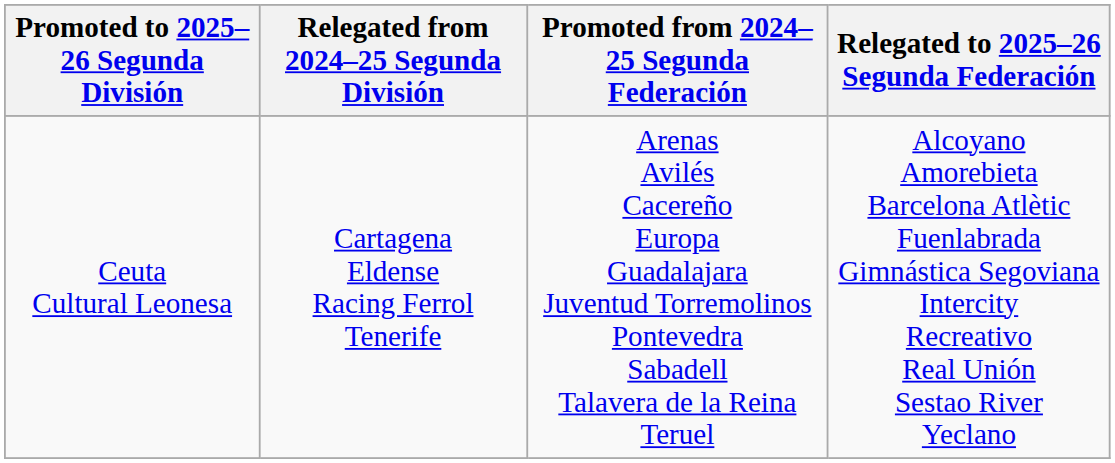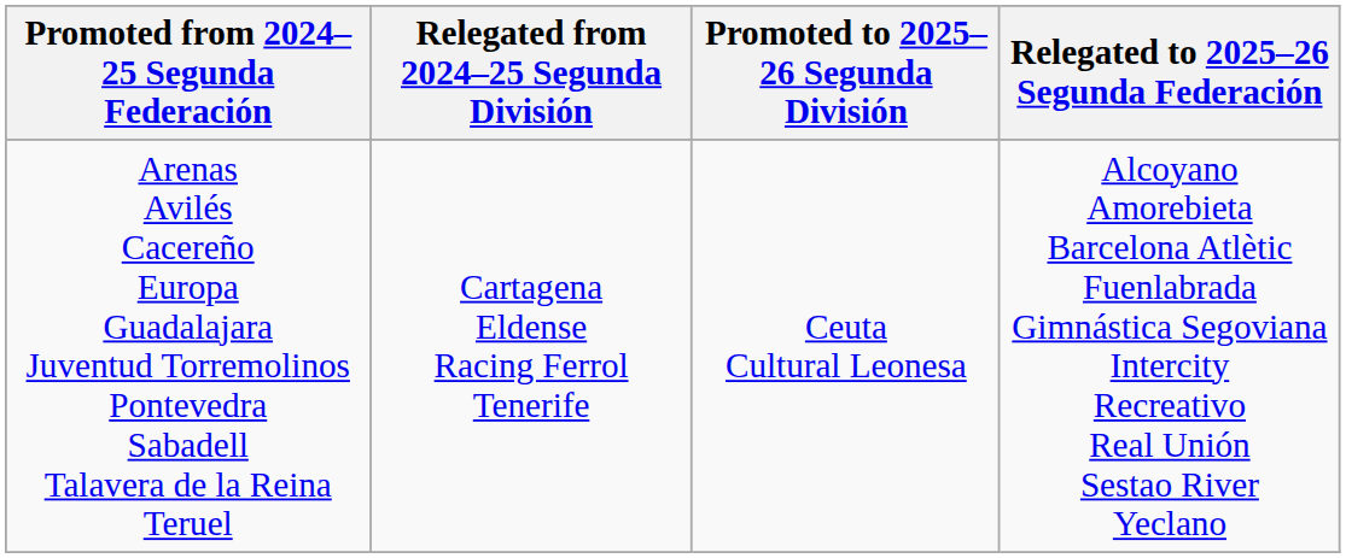 <table class="wikitable" style="text-align:center;">
 <tr>
+<th>Promoted from <a href='#'>2024–25 Segunda Federación</a></th>
+<th>Relegated from <a href='#'>2024–25 Segunda División</a></th>
 <th>Promoted to <a href='#'>2025–26 Segunda División</a></th>
-<th>Relegated from <a href='#'>2024–25 Segunda División</a></th>
-<th>Promoted from <a href='#'>2024–25 Segunda Federación</a></th>
 <th>Relegated to <a href='#'>2025–26 Segunda Federación</a></th>
 </tr>
 <tr>
+<td><a href='#'>Arenas</a>  <br> <a href='#'>Avilés</a> <br> <a href='#'>Cacereño</a> <br> <a href='#'>Europa</a><br> <a href='#'>Guadalajara</a> <br> <a href='#'>Juventud Torremolinos</a><br> <a href='#'>Pontevedra</a> <br> <a href='#'>Sabadell</a> <br> <a href='#'>Talavera de la Reina</a> <br> <a href='#'>Teruel</a></td>
+<td><a href='#'>Cartagena</a> <br> <a href='#'>Eldense</a> <br> <a href='#'>Racing Ferrol</a> <br> <a href='#'>Tenerife</a></td>
 <td><a href='#'>Ceuta</a> <br> <a href='#'>Cultural Leonesa</a></td>
-<td><a href='#'>Cartagena</a> <br> <a href='#'>Eldense</a> <br> <a href='#'>Racing Ferrol</a> <br> <a href='#'>Tenerife</a></td>
-<td><a href='#'>Arenas</a>  <br> <a href='#'>Avilés</a> <br> <a href='#'>Cacereño</a> <br> <a href='#'>Europa</a><br> <a href='#'>Guadalajara</a> <br> <a href='#'>Juventud Torremolinos</a><br> <a href='#'>Pontevedra</a> <br> <a href='#'>Sabadell</a> <br> <a href='#'>Talavera de la Reina</a> <br> <a href='#'>Teruel</a></td>
 <td><a href='#'>Alcoyano</a> <br> <a href='#'>Amorebieta</a> <br> <a href='#'>Barcelona Atlètic</a> <br> <a href='#'>Fuenlabrada</a> <br> <a href='#'>Gimnástica Segoviana</a> <br> <a href='#'>Intercity</a> <br> <a href='#'>Recreativo</a> <br> <a href='#'>Real Unión</a> <br> <a href='#'>Sestao River</a> <br> <a href='#'>Yeclano</a></td>
 </tr>
 </table>
